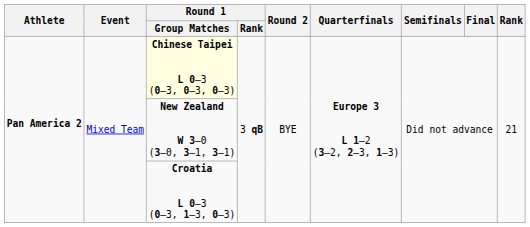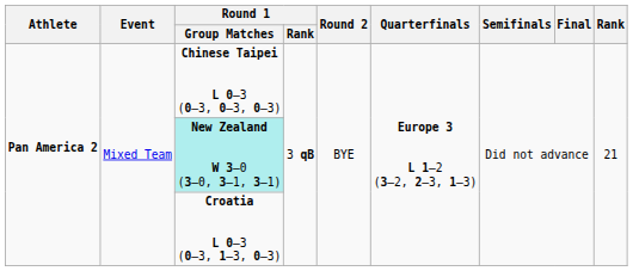 <table class="wikitable" border="1" style="font-size:90%">
 <tr>
 <th rowspan=2>Athlete</th>
 <th rowspan=2>Event</th>
 <th colspan=2>Round 1</th>
 <th rowspan=2>Round 2</th>
 <th rowspan=2>Quarterfinals</th>
 <th rowspan=2>Semifinals</th>
 <th rowspan=2>Final</th>
 <th rowspan=2>Rank</th>
 </tr>
 <tr>
 <th>Group Matches</th>
 <th>Rank</th>
 </tr>
 <tr>
 <td rowspan=3><strong>Pan America 2</strong><br><br></td>
 <td rowspan=3><a href='#'>Mixed Team</a></td>
-<td align=center style="background: lightyellow;"><strong>Chinese Taipei</strong><br><br><br> <strong>L</strong> <strong>0</strong>–3 <br> (<strong>0</strong>–3, <strong>0</strong>–3, <strong>0</strong>–3)</td>
+<td align=center><strong>Chinese Taipei</strong><br><br><br> <strong>L</strong> <strong>0</strong>–3 <br> (<strong>0</strong>–3, <strong>0</strong>–3, <strong>0</strong>–3)</td>
 <td rowspan=3 align=center>3 <strong>qB</strong></td>
 <td align=center rowspan=3>BYE</td>
 <td align=center rowspan=3><strong>Europe 3</strong><br><br><br> <strong>L</strong> <strong>1</strong>–2 <br> (<strong>3</strong>–2, <strong>2</strong>–3, <strong>1</strong>–3)</td>
 <td rowspan=3 colspan=2 align=center>Did not advance</td>
 <td rowspan=3 align=center>21</td>
 </tr>
 <tr>
-<td align=center><strong>New Zealand</strong><br><br><br> <strong>W</strong> <strong>3</strong>–0 <br> (<strong>3</strong>–0, <strong>3</strong>–1, <strong>3</strong>–1)</td>
+<td align=center style="background: paleturquoise;"><strong>New Zealand</strong><br><br><br> <strong>W</strong> <strong>3</strong>–0 <br> (<strong>3</strong>–0, <strong>3</strong>–1, <strong>3</strong>–1)</td>
 </tr>
 <tr>
 <td align=center><strong>Croatia</strong><br><br><br> <strong>L</strong> <strong>0</strong>–3 <br> (<strong>0</strong>–3, <strong>1</strong>–3, <strong>0</strong>–3)</td>
 </tr>
 </table>
